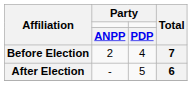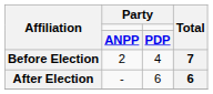 <table class="wikitable" style="text-align:center">
 <tr>
 <th rowspan="3">Affiliation</th>
 <th colspan="2">Party</th>
 <th rowspan="3">Total</th>
 </tr>
 <tr>
 <td style="background-color:"></td>
 <td style="background-color:"></td>
 </tr>
 <tr>
 <th><a href='#'>ANPP</a></th>
 <th><a href='#'>PDP</a></th>
 </tr>
 <tr>
 <th>Before Election</th>
 <td>2</td>
 <td>4</td>
 <th>7</th>
 </tr>
 <tr>
 <th>After Election</th>
 <td>-</td>
-<td>5</td>
+<td>6</td>
 <th>6</th>
 </tr>
 <tr>
 </tr>
 </table>
